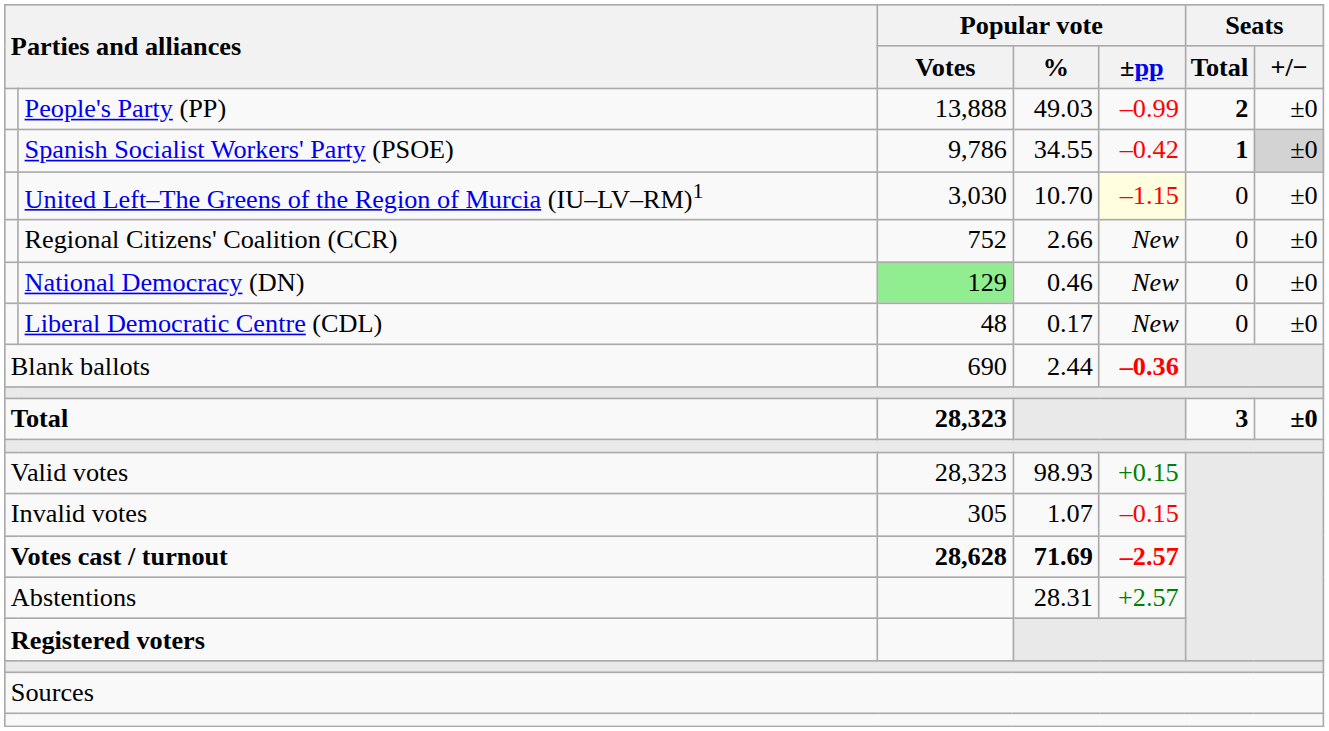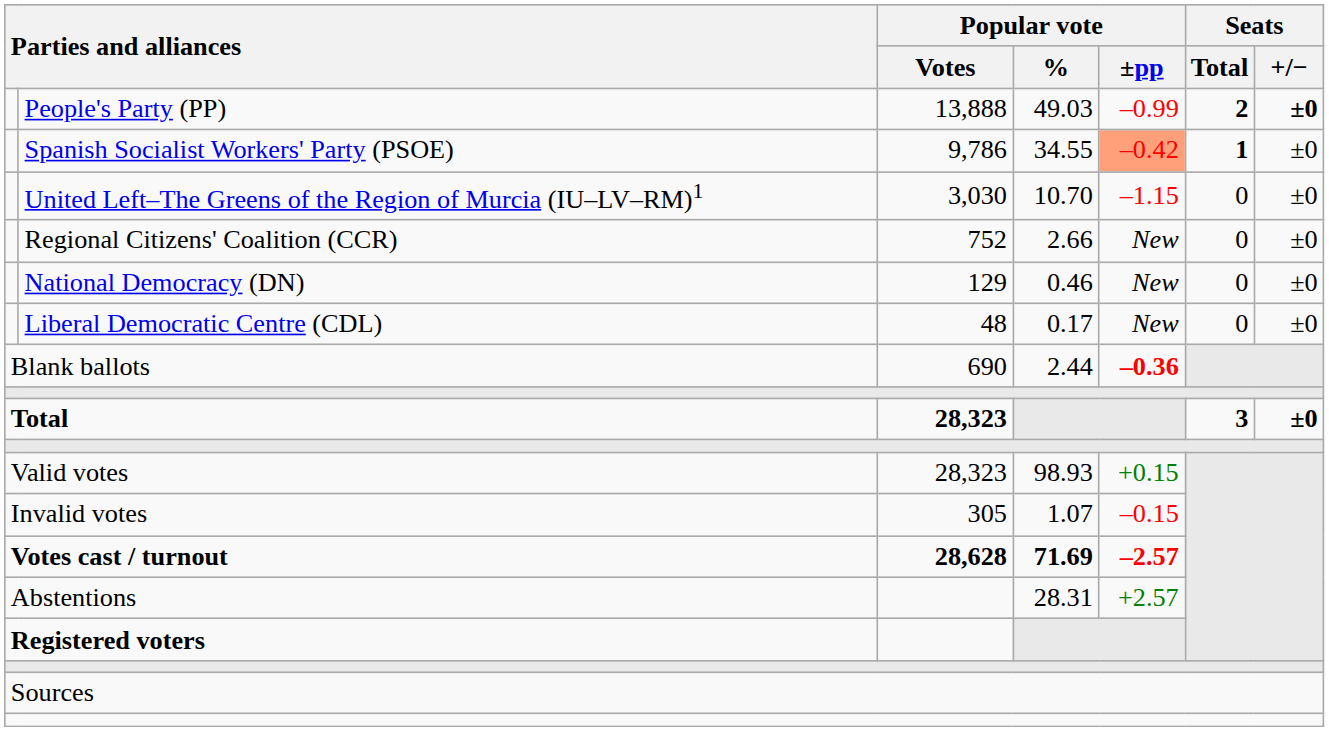 <table class="wikitable" style="text-align:right;">
 <tr>
 <th style="text-align:left;" rowspan="2" colspan="2" width="525">Parties and alliances</th>
 <th colspan="3">Popular vote</th>
 <th colspan="2">Seats</th>
 </tr>
 <tr>
 <th width="75">Votes</th>
 <th width="45">%</th>
 <th width="45">±<a href='#'>pp</a></th>
 <th width="35">Total</th>
 <th width="35">+/−</th>
 </tr>
 <tr>
 <td width="1" style="color:inherit;background:"></td>
 <td align="left"><a href='#'>People's Party</a> (PP)</td>
 <td>13,888</td>
 <td>49.03</td>
 <td style="color:red;">–0.99</td>
 <td><strong>2</strong></td>
-<td>±0</td>
+<td><strong>±0</strong></td>
 </tr>
 <tr>
 <td style="color:inherit;background:"></td>
 <td align="left"><a href='#'>Spanish Socialist Workers' Party</a> (PSOE)</td>
 <td>9,786</td>
 <td>34.55</td>
-<td style="color:red;">–0.42</td>
+<td style="background: lightsalmon; color:red;">–0.42</td>
 <td><strong>1</strong></td>
-<td style="background: lightgrey;">±0</td>
+<td>±0</td>
 </tr>
 <tr>
 <td style="color:inherit;background:"></td>
 <td align="left"><a href='#'>United Left–The Greens of the Region of Murcia</a> (IU–LV–RM)<sup>1</sup></td>
 <td>3,030</td>
 <td>10.70</td>
-<td style="background: lightyellow; color:red;">–1.15</td>
+<td style="color:red;">–1.15</td>
 <td>0</td>
 <td>±0</td>
 </tr>
 <tr>
 <td style="color:inherit;background:"></td>
 <td align="left">Regional Citizens' Coalition (CCR)</td>
 <td>752</td>
 <td>2.66</td>
 <td><em>New</em></td>
 <td>0</td>
 <td>±0</td>
 </tr>
 <tr>
 <td style="color:inherit;background:"></td>
 <td align="left"><a href='#'>National Democracy</a> (DN)</td>
-<td style="background: lightgreen;">129</td>
+<td>129</td>
 <td>0.46</td>
 <td><em>New</em></td>
 <td>0</td>
 <td>±0</td>
 </tr>
 <tr>
 <td style="color:inherit;background:"></td>
 <td align="left"><a href='#'>Liberal Democratic Centre</a> (CDL)</td>
 <td>48</td>
 <td>0.17</td>
 <td><em>New</em></td>
 <td>0</td>
 <td>±0</td>
 </tr>
 <tr>
 <td align="left" colspan="2">Blank ballots</td>
 <td>690</td>
 <td>2.44</td>
 <td style="color:red;"><strong>–0.36</strong></td>
 <td bgcolor="#E9E9E9" colspan="2"></td>
 </tr>
 <tr>
 <td colspan="7" bgcolor="#E9E9E9"></td>
 </tr>
 <tr style="font-weight:bold;">
 <td align="left" colspan="2">Total</td>
 <td>28,323</td>
 <td bgcolor="#E9E9E9" colspan="2"></td>
 <td>3</td>
 <td>±0</td>
 </tr>
 <tr>
 <td colspan="7" bgcolor="#E9E9E9"></td>
 </tr>
 <tr>
 <td align="left" colspan="2">Valid votes</td>
 <td>28,323</td>
 <td>98.93</td>
 <td style="color:green;">+0.15</td>
 <td bgcolor="#E9E9E9" colspan="2" rowspan="5"></td>
 </tr>
 <tr>
 <td align="left" colspan="2">Invalid votes</td>
 <td>305</td>
 <td>1.07</td>
 <td style="color:red;">–0.15</td>
 </tr>
 <tr style="font-weight:bold;">
 <td align="left" colspan="2">Votes cast / turnout</td>
 <td>28,628</td>
 <td>71.69</td>
 <td style="color:red;">–2.57</td>
 </tr>
 <tr>
 <td align="left" colspan="2">Abstentions</td>
 <td></td>
 <td>28.31</td>
 <td style="color:green;">+2.57</td>
 </tr>
 <tr style="font-weight:bold;">
 <td align="left" colspan="2">Registered voters</td>
 <td></td>
 <td bgcolor="#E9E9E9" colspan="2"></td>
 </tr>
 <tr>
 <td colspan="7" bgcolor="#E9E9E9"></td>
 </tr>
 <tr>
 <td align="left" colspan="7">Sources</td>
 </tr>
 <tr>
 <td colspan="7" style="text-align:left; max-width:790px;"></td>
 </tr>
 </table>
